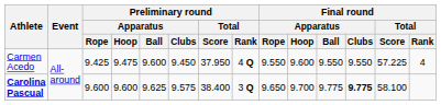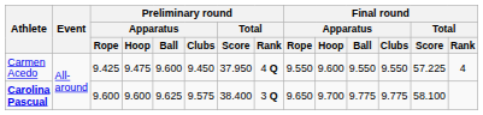 <table class=wikitable style=font-size:90%;text-align:center>
 <tr>
 <th rowspan=3>Athlete</th>
 <th rowspan=3>Event</th>
 <th colspan=6>Preliminary round</th>
 <th colspan=6>Final round</th>
 </tr>
 <tr style=font-size:95%>
 <th colspan=4>Apparatus</th>
 <th colspan=2>Total</th>
 <th colspan=4>Apparatus</th>
 <th colspan=2>Total</th>
 </tr>
 <tr style=font-size:95%>
 <th>Rope</th>
 <th>Hoop</th>
 <th>Ball</th>
 <th>Clubs</th>
 <th>Score</th>
 <th>Rank</th>
 <th>Rope</th>
 <th>Hoop</th>
 <th>Ball</th>
 <th>Clubs</th>
 <th>Score</th>
 <th>Rank</th>
 </tr>
 <tr>
 <td align=left><a href='#'>Carmen Acedo</a></td>
 <td align=left rowspan=2><a href='#'>All-around</a></td>
 <td>9.425</td>
 <td>9.475</td>
 <td>9.600</td>
 <td>9.450</td>
 <td>37.950</td>
 <td>4 <strong>Q</strong></td>
 <td>9.550</td>
 <td>9.600</td>
 <td>9.550</td>
 <td>9.550</td>
 <td>57.225</td>
 <td>4</td>
 </tr>
 <tr>
 <td align=left><strong><a href='#'>Carolina Pascual</a></strong></td>
 <td>9.600</td>
 <td>9.600</td>
 <td>9.625</td>
 <td>9.575</td>
 <td>38.400</td>
 <td>3 <strong>Q</strong></td>
 <td>9.650</td>
 <td>9.700</td>
 <td>9.775</td>
-<td><strong>9.775</strong></td>
+<td>9.775</td>
 <td>58.100</td>
 <td></td>
 </tr>
 </table>
